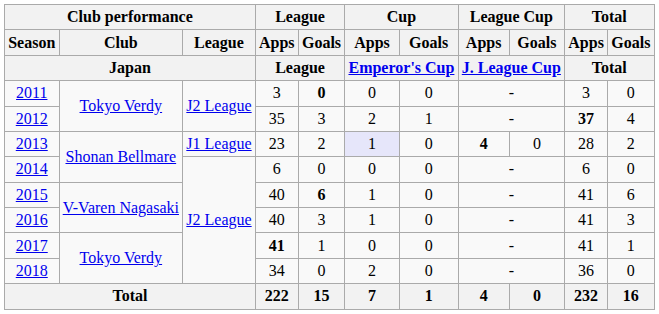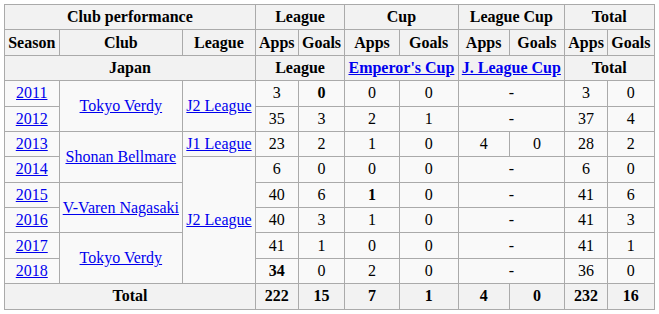 <table class="wikitable" style="text-align:center;">
 <tr>
 <th colspan=3>Club performance</th>
 <th colspan=2>League</th>
 <th colspan=2>Cup</th>
 <th colspan=2>League Cup</th>
 <th colspan=2>Total</th>
 </tr>
 <tr>
 <th>Season</th>
 <th>Club</th>
 <th>League</th>
 <th>Apps</th>
 <th>Goals</th>
 <th>Apps</th>
 <th>Goals</th>
 <th>Apps</th>
 <th>Goals</th>
 <th>Apps</th>
 <th>Goals</th>
 </tr>
 <tr>
 <th colspan=3>Japan</th>
 <th colspan=2>League</th>
 <th colspan=2><a href='#'>Emperor's Cup</a></th>
 <th colspan=2><a href='#'>J. League Cup</a></th>
 <th colspan=2>Total</th>
 </tr>
 <tr>
 <td><a href='#'>2011</a></td>
 <td rowspan="2"><a href='#'>Tokyo Verdy</a></td>
 <td rowspan="2"><a href='#'>J2 League</a></td>
 <td>3</td>
 <td><strong>0</strong></td>
 <td>0</td>
 <td>0</td>
 <td colspan="2">-</td>
 <td>3</td>
 <td>0</td>
 </tr>
 <tr>
 <td><a href='#'>2012</a></td>
 <td>35</td>
 <td>3</td>
 <td>2</td>
 <td>1</td>
 <td colspan="2">-</td>
-<td><strong>37</strong></td>
+<td>37</td>
 <td>4</td>
 </tr>
 <tr>
 <td><a href='#'>2013</a></td>
 <td rowspan="2"><a href='#'>Shonan Bellmare</a></td>
 <td><a href='#'>J1 League</a></td>
 <td>23</td>
 <td>2</td>
-<td style="background: lavender;">1</td>
+<td>1</td>
 <td>0</td>
-<td><strong>4</strong></td>
+<td>4</td>
 <td>0</td>
 <td>28</td>
 <td>2</td>
 </tr>
 <tr>
 <td><a href='#'>2014</a></td>
 <td rowspan="5"><a href='#'>J2 League</a></td>
 <td>6</td>
 <td>0</td>
 <td>0</td>
 <td>0</td>
 <td colspan="2">-</td>
 <td>6</td>
 <td>0</td>
 </tr>
 <tr>
 <td><a href='#'>2015</a></td>
 <td rowspan="2"><a href='#'>V-Varen Nagasaki</a></td>
 <td>40</td>
-<td><strong>6</strong></td>
-<td>1</td>
+<td>6</td>
+<td><strong>1</strong></td>
 <td>0</td>
 <td colspan="2">-</td>
 <td>41</td>
 <td>6</td>
 </tr>
 <tr>
 <td><a href='#'>2016</a></td>
 <td>40</td>
 <td>3</td>
 <td>1</td>
 <td>0</td>
 <td colspan="2">-</td>
 <td>41</td>
 <td>3</td>
 </tr>
 <tr>
 <td><a href='#'>2017</a></td>
 <td rowspan=2><a href='#'>Tokyo Verdy</a></td>
-<td><strong>41</strong></td>
+<td>41</td>
 <td>1</td>
 <td>0</td>
 <td>0</td>
 <td colspan="2">-</td>
 <td>41</td>
 <td>1</td>
 </tr>
 <tr>
 <td><a href='#'>2018</a></td>
-<td>34</td>
+<td><strong>34</strong></td>
 <td>0</td>
 <td>2</td>
 <td>0</td>
 <td colspan="2">-</td>
 <td>36</td>
 <td>0</td>
 </tr>
 <tr>
 <th colspan=3>Total</th>
 <th>222</th>
 <th>15</th>
 <th>7</th>
 <th>1</th>
 <th>4</th>
 <th>0</th>
 <th>232</th>
 <th>16</th>
 </tr>
 </table>
